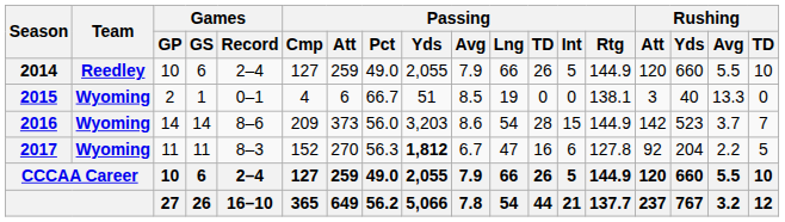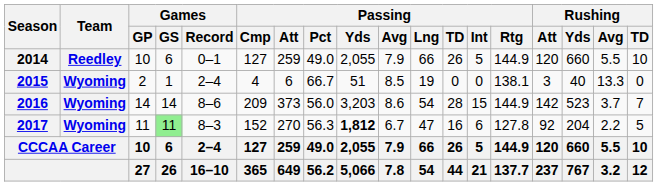 <table class=wikitable style="text-align:center;">
 <tr>
 <th rowspan="2">Season</th>
 <th rowspan="2">Team</th>
 <th colspan="3">Games</th>
 <th colspan="9">Passing</th>
 <th colspan="4">Rushing</th>
 </tr>
 <tr>
 <th>GP</th>
 <th>GS</th>
 <th>Record</th>
 <th>Cmp</th>
 <th>Att</th>
 <th>Pct</th>
 <th>Yds</th>
 <th>Avg</th>
 <th>Lng</th>
 <th>TD</th>
 <th>Int</th>
 <th>Rtg</th>
 <th>Att</th>
 <th>Yds</th>
 <th>Avg</th>
 <th>TD</th>
 </tr>
 <tr>
 <th>2014</th>
 <th><a href='#'>Reedley</a></th>
 <td>10</td>
 <td>6</td>
-<td>2–4</td>
+<td>0–1</td>
 <td>127</td>
 <td>259</td>
 <td>49.0</td>
 <td>2,055</td>
 <td>7.9</td>
 <td>66</td>
 <td>26</td>
 <td>5</td>
 <td>144.9</td>
 <td>120</td>
 <td>660</td>
 <td>5.5</td>
 <td>10</td>
 </tr>
 <tr>
 <th><a href='#'>2015</a></th>
 <th><a href='#'>Wyoming</a></th>
 <td>2</td>
 <td>1</td>
-<td>0–1</td>
+<td>2–4</td>
 <td>4</td>
 <td>6</td>
 <td>66.7</td>
 <td>51</td>
 <td>8.5</td>
 <td>19</td>
 <td>0</td>
 <td>0</td>
 <td>138.1</td>
 <td>3</td>
 <td>40</td>
 <td>13.3</td>
 <td>0</td>
 </tr>
 <tr>
 <th><a href='#'>2016</a></th>
 <th><a href='#'>Wyoming</a></th>
 <td>14</td>
 <td>14</td>
 <td>8–6</td>
 <td>209</td>
 <td>373</td>
 <td>56.0</td>
 <td>3,203</td>
 <td>8.6</td>
 <td>54</td>
 <td>28</td>
 <td>15</td>
 <td>144.9</td>
 <td>142</td>
 <td>523</td>
 <td>3.7</td>
 <td>7</td>
 </tr>
 <tr>
 <th><a href='#'>2017</a></th>
 <th><a href='#'>Wyoming</a></th>
 <td>11</td>
-<td>11</td>
+<td style="background: lightgreen;">11</td>
 <td>8–3</td>
 <td>152</td>
 <td>270</td>
 <td>56.3</td>
 <td><strong>1,812</strong></td>
 <td>6.7</td>
 <td>47</td>
 <td>16</td>
 <td>6</td>
 <td>127.8</td>
 <td>92</td>
 <td>204</td>
 <td>2.2</td>
 <td>5</td>
 </tr>
 <tr>
 <th colspan="2"><a href='#'>CCCAA Career</a></th>
 <th>10</th>
 <th>6</th>
 <th>2–4</th>
 <th>127</th>
 <th>259</th>
 <th>49.0</th>
 <th>2,055</th>
 <th>7.9</th>
 <th>66</th>
 <th>26</th>
 <th>5</th>
 <th>144.9</th>
 <th>120</th>
 <th>660</th>
 <th>5.5</th>
 <th>10</th>
 </tr>
 <tr>
 <th colspan="2"></th>
 <th>27</th>
 <th>26</th>
 <th>16–10</th>
 <th>365</th>
 <th>649</th>
 <th>56.2</th>
 <th>5,066</th>
 <th>7.8</th>
 <th>54</th>
 <th>44</th>
 <th>21</th>
 <th>137.7</th>
 <th>237</th>
 <th>767</th>
 <th>3.2</th>
 <th>12</th>
 </tr>
 </table>
